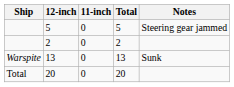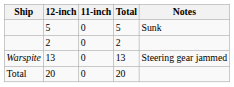 <table class="wikitable">
 <tr>
 <th>Ship</th>
 <th>12-inch</th>
 <th>11-inch</th>
 <th>Total</th>
 <th>Notes</th>
 </tr>
 <tr>
 <td></td>
 <td>5</td>
 <td>0</td>
 <td>5</td>
-<td>Steering gear jammed</td>
+<td>Sunk</td>
 </tr>
 <tr>
 <td></td>
 <td>2</td>
 <td>0</td>
 <td>2</td>
 </tr>
 <tr>
 <td><em>Warspite</em></td>
 <td>13</td>
 <td>0</td>
 <td>13</td>
-<td>Sunk</td>
+<td>Steering gear jammed</td>
 </tr>
 <tr>
 <td>Total</td>
 <td>20</td>
 <td>0</td>
 <td>20</td>
 </tr>
 </table>
